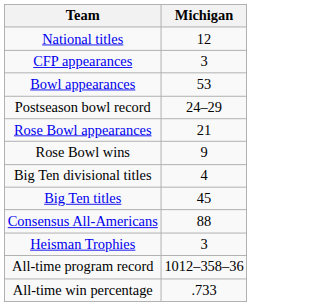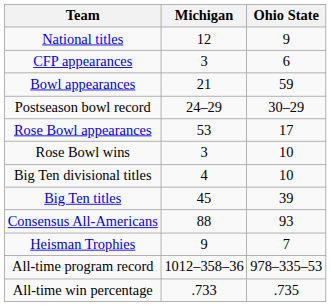 <table class="wikitable" style="text-align:center;">
 <tr>
 <th>Team</th>
 <th>Michigan</th>
+<th>Ohio State</th>
 </tr>
 <tr>
 <td><a href='#'>National titles</a></td>
 <td>12</td>
+<td>9</td>
 </tr>
 <tr>
 <td><a href='#'>CFP appearances</a></td>
 <td>3</td>
+<td>6</td>
 </tr>
 <tr>
 <td><a href='#'>Bowl appearances</a></td>
-<td>53</td>
+<td>21</td>
+<td>59</td>
 </tr>
 <tr>
 <td>Postseason bowl record</td>
 <td>24–29</td>
+<td>30–29</td>
 </tr>
 <tr>
 <td><a href='#'>Rose Bowl appearances</a></td>
-<td>21</td>
+<td>53</td>
+<td>17</td>
 </tr>
 <tr>
 <td>Rose Bowl wins</td>
-<td>9</td>
+<td>3</td>
+<td>10</td>
 </tr>
 <tr>
 <td>Big Ten divisional titles</td>
 <td>4</td>
+<td>10</td>
 </tr>
 <tr>
 <td><a href='#'>Big Ten titles</a></td>
 <td>45</td>
+<td>39</td>
 </tr>
 <tr>
 <td><a href='#'>Consensus All-Americans</a></td>
 <td>88</td>
+<td>93</td>
 </tr>
 <tr>
 <td><a href='#'>Heisman Trophies</a></td>
-<td>3</td>
+<td>9</td>
+<td>7</td>
 </tr>
 <tr>
 <td>All-time program record</td>
 <td>1012–358–36</td>
+<td>978–335–53</td>
 </tr>
 <tr>
 <td>All-time win percentage</td>
 <td>.733</td>
+<td>.735</td>
 </tr>
 </table>
